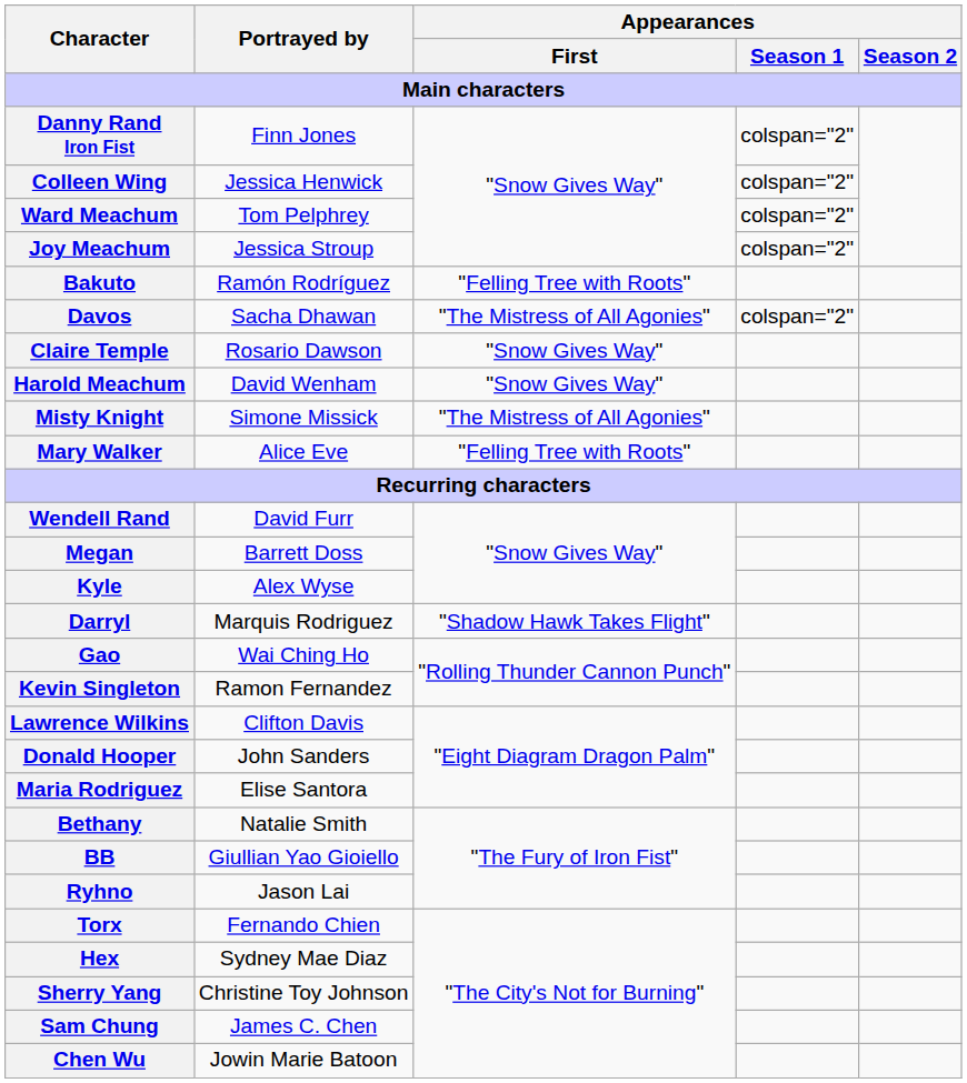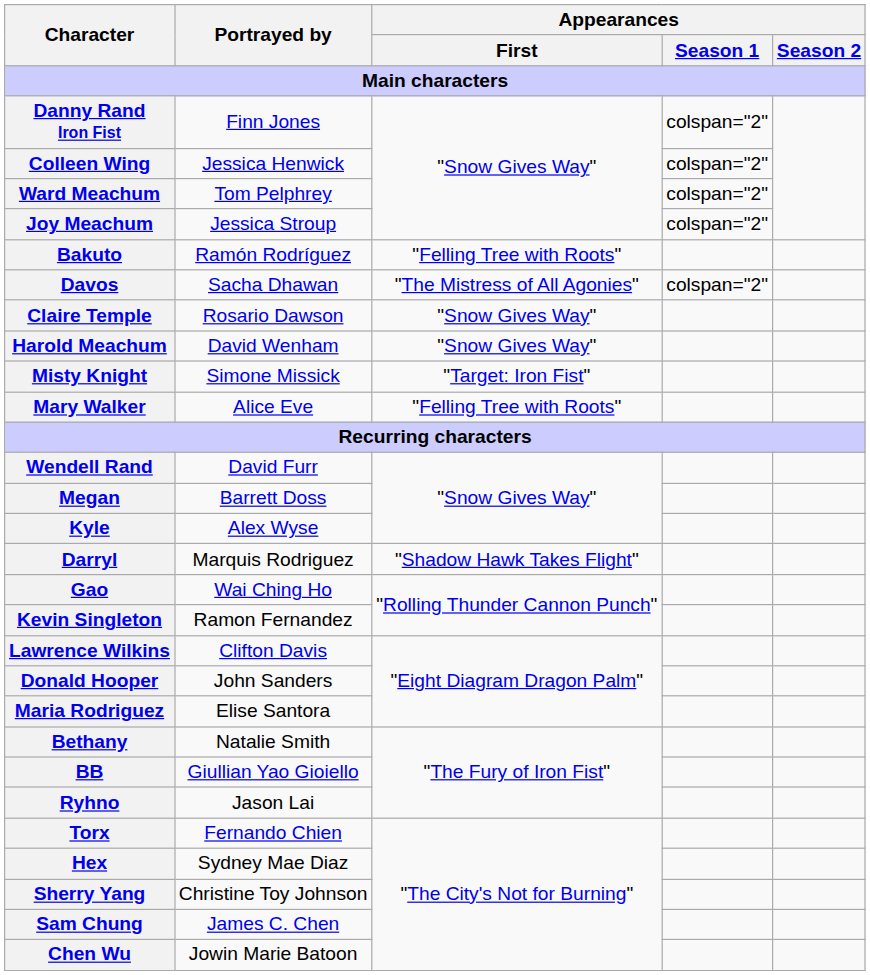 <table class="wikitable" style="text-align: center; width: auto;">
 <tr>
 <th scope="col" rowspan="2">Character</th>
 <th scope="col" rowspan="2">Portrayed by</th>
 <th scope="col" colspan="3">Appearances</th>
 </tr>
 <tr>
 <th scope="col">First</th>
 <th scope="col"><a href='#'>Season 1</a></th>
 <th scope="col"><a href='#'>Season 2</a></th>
 </tr>
 <tr>
 <th colspan="5" style="background-color: #ccccff;">Main characters</th>
 </tr>
 <tr>
 <th scope="row"><a href='#'>Danny Rand<br><small>Iron Fist</small></a></th>
 <td><a href='#'>Finn Jones</a></td>
 <td rowspan="4">"<a href='#'>Snow Gives Way</a>"</td>
 <td>colspan="2" </td>
 </tr>
 <tr>
 <th scope="row"><a href='#'>Colleen Wing</a></th>
 <td><a href='#'>Jessica Henwick</a></td>
 <td>colspan="2" </td>
 </tr>
 <tr>
 <th scope="row"><a href='#'>Ward Meachum</a></th>
 <td><a href='#'>Tom Pelphrey</a></td>
 <td>colspan="2" </td>
 </tr>
 <tr>
 <th scope="row"><a href='#'>Joy Meachum</a></th>
 <td><a href='#'>Jessica Stroup</a></td>
 <td>colspan="2" </td>
 </tr>
 <tr>
 <th scope="row"><a href='#'>Bakuto</a></th>
 <td><a href='#'>Ramón Rodríguez</a></td>
 <td>"<a href='#'>Felling Tree with Roots</a>"</td>
 <td></td>
 <td></td>
 </tr>
 <tr>
 <th scope="row"><a href='#'>Davos</a></th>
 <td><a href='#'>Sacha Dhawan</a></td>
 <td>"<a href='#'>The Mistress of All Agonies</a>"</td>
 <td>colspan="2" </td>
 </tr>
 <tr>
 <th scope="row"><a href='#'>Claire Temple</a></th>
 <td><a href='#'>Rosario Dawson</a></td>
 <td>"<a href='#'>Snow Gives Way</a>"</td>
 <td></td>
 <td></td>
 </tr>
 <tr>
 <th scope="row"><a href='#'>Harold Meachum</a></th>
 <td><a href='#'>David Wenham</a></td>
 <td>"<a href='#'>Snow Gives Way</a>"</td>
 <td></td>
 <td></td>
 </tr>
 <tr>
 <th scope="row"><a href='#'>Misty Knight</a></th>
 <td><a href='#'>Simone Missick</a></td>
-<td>"<a href='#'>The Mistress of All Agonies</a>"</td>
+<td>"<a href='#'>Target: Iron Fist</a>"</td>
 <td></td>
 <td></td>
 </tr>
 <tr>
 <th scope="row"><a href='#'>Mary Walker</a></th>
 <td><a href='#'>Alice Eve</a></td>
 <td>"<a href='#'>Felling Tree with Roots</a>"</td>
 <td></td>
 <td></td>
 </tr>
 <tr>
 <th colspan="5" style="background-color: #ccccff;">Recurring characters</th>
 </tr>
 <tr>
 <th scope="row"><a href='#'>Wendell Rand</a></th>
 <td><a href='#'>David Furr</a></td>
 <td rowspan="3">"<a href='#'>Snow Gives Way</a>"</td>
 <td></td>
 <td></td>
 </tr>
 <tr>
 <th scope="row"><a href='#'>Megan</a></th>
 <td><a href='#'>Barrett Doss</a></td>
 <td></td>
 <td></td>
 </tr>
 <tr>
 <th scope="row"><a href='#'>Kyle</a></th>
 <td><a href='#'>Alex Wyse</a></td>
 <td></td>
 <td></td>
 </tr>
 <tr>
 <th scope="row"><a href='#'>Darryl</a></th>
 <td>Marquis Rodriguez</td>
 <td>"<a href='#'>Shadow Hawk Takes Flight</a>"</td>
 <td></td>
 <td></td>
 </tr>
 <tr>
 <th scope="row"><a href='#'>Gao</a></th>
 <td><a href='#'>Wai Ching Ho</a></td>
 <td rowspan="2">"<a href='#'>Rolling Thunder Cannon Punch</a>"</td>
 <td></td>
 <td></td>
 </tr>
 <tr>
 <th scope="row"><a href='#'>Kevin Singleton</a></th>
 <td>Ramon Fernandez</td>
 <td></td>
 <td></td>
 </tr>
 <tr>
 <th scope="row"><a href='#'>Lawrence Wilkins</a></th>
 <td><a href='#'>Clifton Davis</a></td>
 <td rowspan="3">"<a href='#'>Eight Diagram Dragon Palm</a>"</td>
 <td></td>
 <td></td>
 </tr>
 <tr>
 <th scope="row"><a href='#'>Donald Hooper</a></th>
 <td>John Sanders</td>
 <td></td>
 <td></td>
 </tr>
 <tr>
 <th scope="row"><a href='#'>Maria Rodriguez</a></th>
 <td>Elise Santora</td>
 <td></td>
 <td></td>
 </tr>
 <tr>
 <th scope="row"><a href='#'>Bethany</a></th>
 <td>Natalie Smith</td>
 <td rowspan="3">"<a href='#'>The Fury of Iron Fist</a>"</td>
 <td></td>
 <td></td>
 </tr>
 <tr>
 <th scope="row"><a href='#'>BB</a></th>
 <td><a href='#'>Giullian Yao Gioiello</a></td>
 <td></td>
 <td></td>
 </tr>
 <tr>
 <th scope="row"><a href='#'>Ryhno</a></th>
 <td>Jason Lai</td>
 <td></td>
 <td></td>
 </tr>
 <tr>
 <th scope="row"><a href='#'>Torx</a></th>
 <td><a href='#'>Fernando Chien</a></td>
 <td rowspan="5">"<a href='#'>The City's Not for Burning</a>"</td>
 <td></td>
 <td></td>
 </tr>
 <tr>
 <th scope="row"><a href='#'>Hex</a></th>
 <td>Sydney Mae Diaz</td>
 <td></td>
 <td></td>
 </tr>
 <tr>
 <th scope="row"><a href='#'>Sherry Yang</a></th>
 <td>Christine Toy Johnson</td>
 <td></td>
 <td></td>
 </tr>
 <tr>
 <th scope="row"><a href='#'>Sam Chung</a></th>
 <td><a href='#'>James C. Chen</a></td>
 <td></td>
 <td></td>
 </tr>
 <tr>
 <th scope="row"><a href='#'>Chen Wu</a></th>
 <td>Jowin Marie Batoon</td>
 <td></td>
 <td></td>
 </tr>
 </table>
